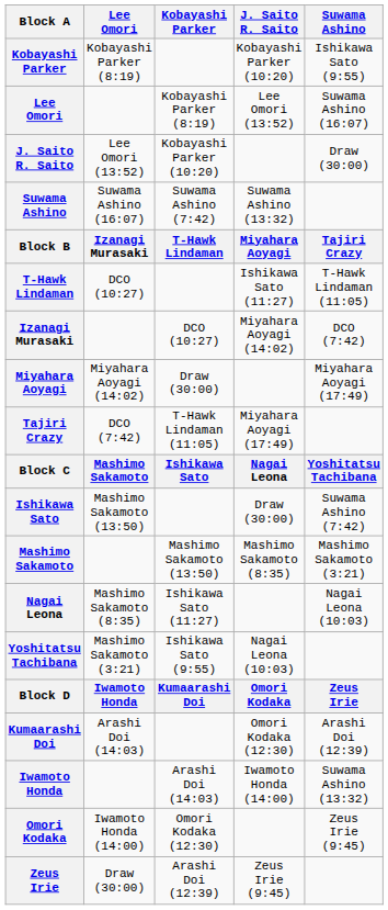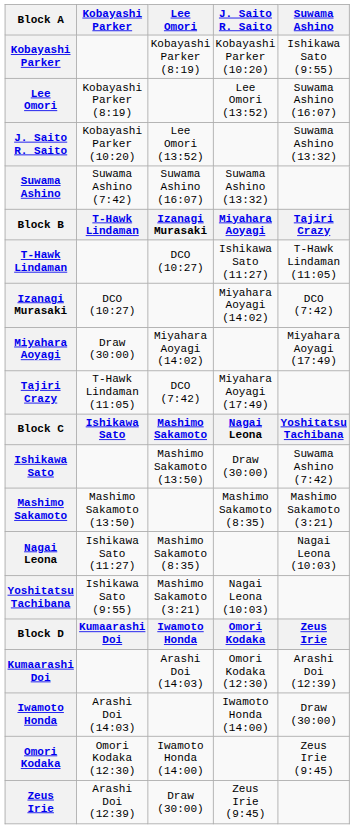 <table class="wikitable" style="margin: 1em auto 1em auto">
 <tr align="center">
 <th>Block A</th>
+<th><a href='#'>Kobayashi</a><br><a href='#'>Parker</a></th>
 <th><a href='#'>Lee</a><br><a href='#'>Omori</a></th>
-<th><a href='#'>Kobayashi</a><br><a href='#'>Parker</a></th>
 <th><a href='#'>J. Saito</a><br><a href='#'>R. Saito</a></th>
 <th><a href='#'>Suwama</a><br><a href='#'>Ashino</a></th>
 </tr>
 <tr align="center">
 <th><a href='#'>Kobayashi</a><br><a href='#'>Parker</a></th>
+<td></td>
 <td>Kobayashi<br>Parker<br>(8:19)</td>
-<td></td>
 <td>Kobayashi<br>Parker<br>(10:20)</td>
 <td>Ishikawa<br>Sato<br>(9:55)</td>
 </tr>
 <tr align="center">
 <th><a href='#'>Lee</a><br><a href='#'>Omori</a></th>
+<td>Kobayashi<br>Parker<br>(8:19)</td>
 <td></td>
-<td>Kobayashi<br>Parker<br>(8:19)</td>
 <td>Lee<br>Omori<br>(13:52)</td>
 <td>Suwama<br>Ashino<br>(16:07)</td>
 </tr>
 <tr align="center">
 <th><a href='#'>J. Saito</a><br><a href='#'>R. Saito</a></th>
+<td>Kobayashi<br>Parker<br>(10:20)</td>
 <td>Lee<br>Omori<br>(13:52)</td>
-<td>Kobayashi<br>Parker<br>(10:20)</td>
 <td></td>
-<td>Draw<br>(30:00)</td>
+<td>Suwama<br>Ashino<br>(13:32)</td>
 </tr>
 <tr align="center">
 <th><a href='#'>Suwama</a><br><a href='#'>Ashino</a></th>
+<td>Suwama<br>Ashino<br>(7:42)</td>
 <td>Suwama<br>Ashino<br>(16:07)</td>
-<td>Suwama<br>Ashino<br>(7:42)</td>
 <td>Suwama<br>Ashino<br>(13:32)</td>
 <td></td>
 </tr>
 <tr align="center">
 <th>Block B</th>
+<th><a href='#'>T-Hawk</a><br><a href='#'>Lindaman</a></th>
 <th><a href='#'>Izanagi</a><br>Murasaki</th>
-<th><a href='#'>T-Hawk</a><br><a href='#'>Lindaman</a></th>
 <th><a href='#'>Miyahara</a><br><a href='#'>Aoyagi</a></th>
 <th><a href='#'>Tajiri</a><br><a href='#'>Crazy</a></th>
 </tr>
 <tr align="center">
 <th><a href='#'>T-Hawk</a><br><a href='#'>Lindaman</a></th>
+<td></td>
 <td>DCO<br>(10:27)</td>
-<td></td>
 <td>Ishikawa<br>Sato<br>(11:27)</td>
 <td>T-Hawk<br>Lindaman<br>(11:05)</td>
 </tr>
 <tr align="center">
 <th><a href='#'>Izanagi</a><br>Murasaki</th>
+<td>DCO<br>(10:27)</td>
 <td></td>
-<td>DCO<br>(10:27)</td>
 <td>Miyahara<br>Aoyagi<br>(14:02)</td>
 <td>DCO<br>(7:42)</td>
 </tr>
 <tr align="center">
 <th><a href='#'>Miyahara</a><br><a href='#'>Aoyagi</a></th>
+<td>Draw<br>(30:00)</td>
 <td>Miyahara<br>Aoyagi<br>(14:02)</td>
-<td>Draw<br>(30:00)</td>
 <td></td>
 <td>Miyahara<br>Aoyagi<br>(17:49)</td>
 </tr>
 <tr align="center">
 <th><a href='#'>Tajiri</a><br><a href='#'>Crazy</a></th>
+<td>T-Hawk<br>Lindaman<br>(11:05)</td>
 <td>DCO<br>(7:42)</td>
-<td>T-Hawk<br>Lindaman<br>(11:05)</td>
 <td>Miyahara<br>Aoyagi<br>(17:49)</td>
 <td></td>
 </tr>
 <tr align="center">
 <th>Block C</th>
+<th><a href='#'>Ishikawa</a><br><a href='#'>Sato</a></th>
 <th><a href='#'>Mashimo</a><br><a href='#'>Sakamoto</a></th>
-<th><a href='#'>Ishikawa</a><br><a href='#'>Sato</a></th>
 <th><a href='#'>Nagai</a><br>Leona</th>
 <th><a href='#'>Yoshitatsu</a><br><a href='#'>Tachibana</a></th>
 </tr>
 <tr align="center">
 <th><a href='#'>Ishikawa</a><br><a href='#'>Sato</a></th>
+<td></td>
 <td>Mashimo<br>Sakamoto<br>(13:50)</td>
-<td></td>
 <td>Draw<br>(30:00)</td>
 <td>Suwama<br>Ashino<br>(7:42)</td>
 </tr>
 <tr align="center">
 <th><a href='#'>Mashimo</a><br><a href='#'>Sakamoto</a></th>
+<td>Mashimo<br>Sakamoto<br>(13:50)</td>
 <td></td>
-<td>Mashimo<br>Sakamoto<br>(13:50)</td>
 <td>Mashimo<br>Sakamoto<br>(8:35)</td>
 <td>Mashimo<br>Sakamoto<br>(3:21)</td>
 </tr>
 <tr align="center">
 <th><a href='#'>Nagai</a><br>Leona</th>
+<td>Ishikawa<br>Sato<br>(11:27)</td>
 <td>Mashimo<br>Sakamoto<br>(8:35)</td>
-<td>Ishikawa<br>Sato<br>(11:27)</td>
 <td></td>
 <td>Nagai<br>Leona<br>(10:03)</td>
 </tr>
 <tr align="center">
 <th><a href='#'>Yoshitatsu</a><br><a href='#'>Tachibana</a></th>
+<td>Ishikawa<br>Sato<br>(9:55)</td>
 <td>Mashimo<br>Sakamoto<br>(3:21)</td>
-<td>Ishikawa<br>Sato<br>(9:55)</td>
 <td>Nagai<br>Leona<br>(10:03)</td>
 <td></td>
 </tr>
 <tr align="center">
 <th>Block D</th>
+<th><a href='#'>Kumaarashi</a><br><a href='#'>Doi</a></th>
 <th><a href='#'>Iwamoto</a><br><a href='#'>Honda</a></th>
-<th><a href='#'>Kumaarashi</a><br><a href='#'>Doi</a></th>
 <th><a href='#'>Omori</a><br><a href='#'>Kodaka</a></th>
 <th><a href='#'>Zeus</a><br><a href='#'>Irie</a></th>
 </tr>
 <tr align="center">
 <th><a href='#'>Kumaarashi</a><br><a href='#'>Doi</a></th>
+<td></td>
 <td>Arashi<br>Doi<br>(14:03)</td>
-<td></td>
 <td>Omori<br>Kodaka<br>(12:30)</td>
 <td>Arashi<br>Doi<br>(12:39)</td>
 </tr>
 <tr align="center">
 <th><a href='#'>Iwamoto</a><br><a href='#'>Honda</a></th>
+<td>Arashi<br>Doi<br>(14:03)</td>
 <td></td>
-<td>Arashi<br>Doi<br>(14:03)</td>
 <td>Iwamoto<br>Honda<br>(14:00)</td>
-<td>Suwama<br>Ashino<br>(13:32)</td>
+<td>Draw<br>(30:00)</td>
 </tr>
 <tr align="center">
 <th><a href='#'>Omori</a><br><a href='#'>Kodaka</a></th>
+<td>Omori<br>Kodaka<br>(12:30)</td>
 <td>Iwamoto<br>Honda<br>(14:00)</td>
-<td>Omori<br>Kodaka<br>(12:30)</td>
 <td></td>
 <td>Zeus<br>Irie<br>(9:45)</td>
 </tr>
 <tr align="center">
 <th><a href='#'>Zeus</a><br><a href='#'>Irie</a></th>
+<td>Arashi<br>Doi<br>(12:39)</td>
 <td>Draw<br>(30:00)</td>
-<td>Arashi<br>Doi<br>(12:39)</td>
 <td>Zeus<br>Irie<br>(9:45)</td>
 <td></td>
 </tr>
 </table>
